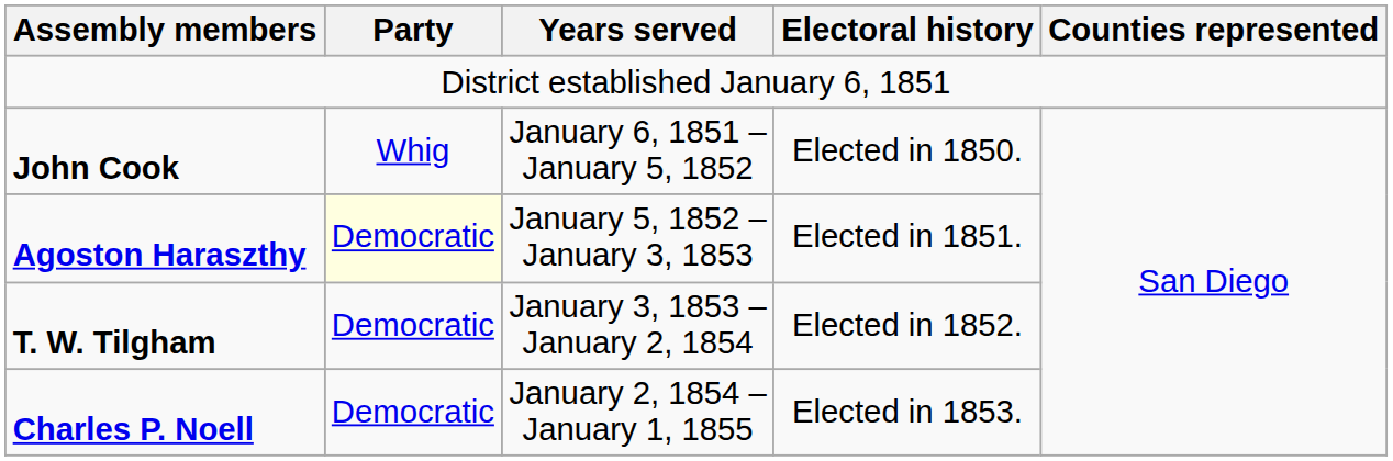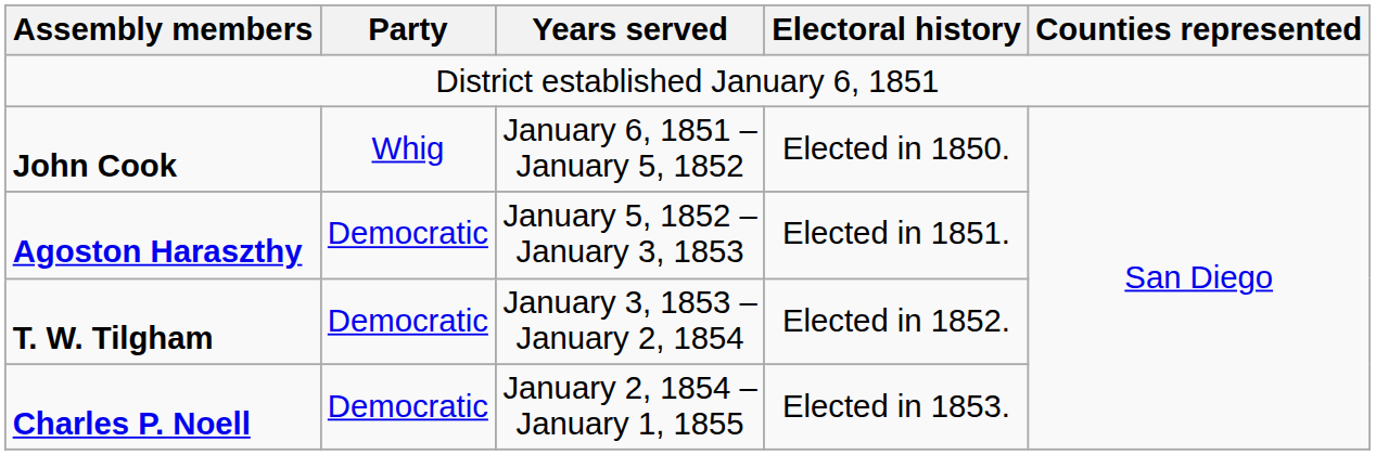 <table class=wikitable style="text-align:center">
 <tr>
 <th>Assembly members</th>
 <th>Party</th>
 <th>Years served</th>
 <th>Electoral history</th>
 <th>Counties represented</th>
 </tr>
 <tr>
 <td colspan=5>District established January 6, 1851</td>
 </tr>
 <tr>
 <td align=left><br> <strong>John Cook</strong> <br> </td>
 <td><a href='#'>Whig</a></td>
 <td>January 6, 1851 – <br> January 5, 1852</td>
 <td>Elected in 1850. <br> </td>
 <td rowspan="4"><a href='#'>San Diego</a></td>
 </tr>
 <tr>
 <td align=left> <br> <strong><a href='#'>Agoston Haraszthy</a></strong> <br> </td>
-<td style="background: lightyellow;"><a href='#'>Democratic</a></td>
+<td><a href='#'>Democratic</a></td>
 <td>January 5, 1852 – <br> January 3, 1853</td>
 <td>Elected in 1851. <br> </td>
 </tr>
 <tr>
 <td align=left><br><strong>T. W. Tilgham</strong> <br> </td>
 <td><a href='#'>Democratic</a></td>
 <td>January 3, 1853 – <br> January 2, 1854</td>
 <td>Elected in 1852. <br> </td>
 </tr>
 <tr>
 <td align=left> <br><strong><a href='#'>Charles P. Noell</a></strong> <br> </td>
 <td><a href='#'>Democratic</a></td>
 <td>January 2, 1854 – <br> January 1, 1855</td>
 <td>Elected in 1853. <br> </td>
 </tr>
 </table>
